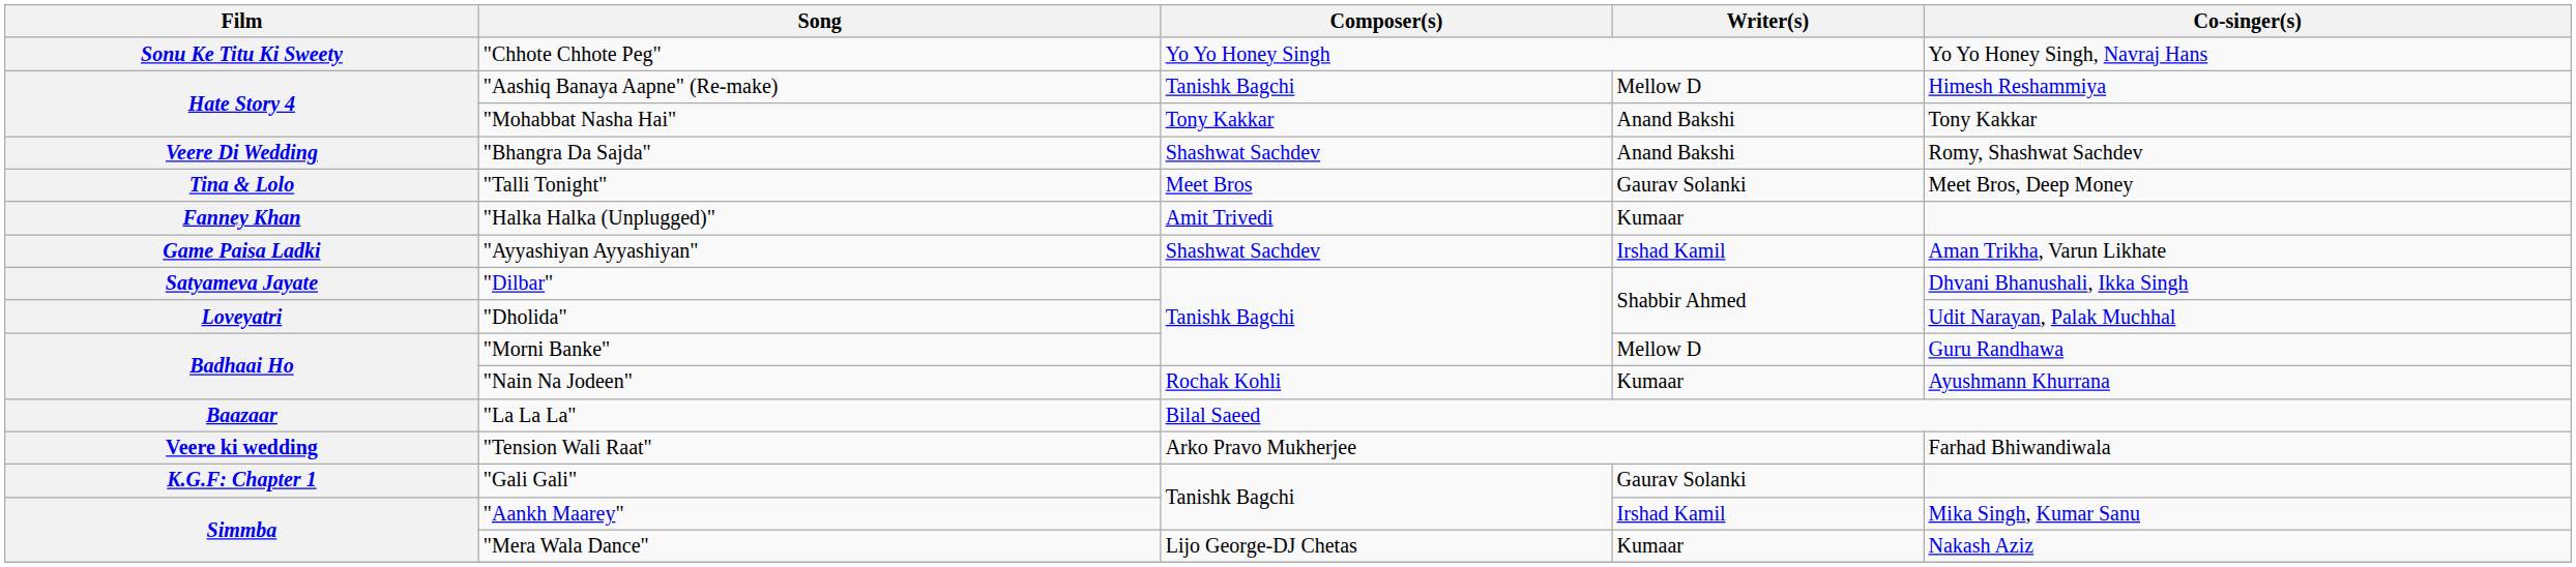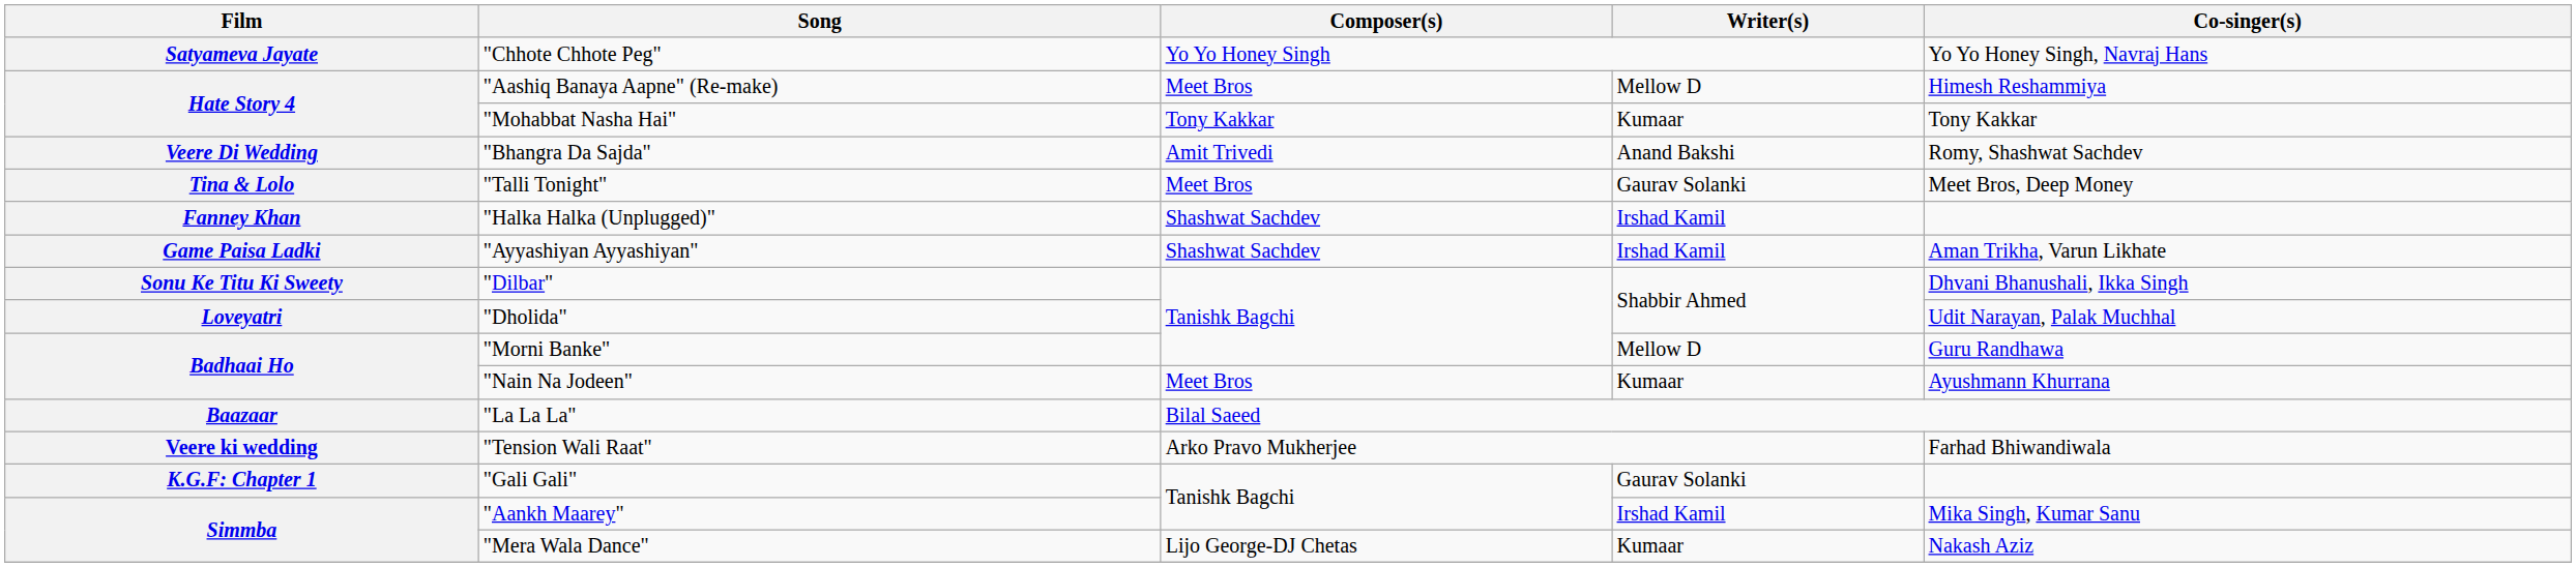 <table class="wikitable plainrowheaders" width="100%">
 <tr>
 <th>Film</th>
 <th>Song</th>
 <th>Composer(s)</th>
 <th>Writer(s)</th>
 <th>Co-singer(s)</th>
 </tr>
 <tr>
-<th scope=row><em><a href='#'>Sonu Ke Titu Ki Sweety</a></em></th>
+<th scope=row><em><a href='#'>Satyameva Jayate</a></em></th>
 <td>"Chhote Chhote Peg"</td>
 <td colspan=2><a href='#'>Yo Yo Honey Singh</a></td>
 <td>Yo Yo Honey Singh, <a href='#'>Navraj Hans</a></td>
 </tr>
 <tr>
 <th scope=row rowspan=2><em><a href='#'>Hate Story 4</a></em></th>
 <td>"Aashiq Banaya Aapne" (Re-make)</td>
-<td><a href='#'>Tanishk Bagchi</a></td>
+<td><a href='#'>Meet Bros</a></td>
 <td>Mellow D</td>
 <td><a href='#'>Himesh Reshammiya</a></td>
 </tr>
 <tr>
 <td>"Mohabbat Nasha Hai"</td>
 <td><a href='#'>Tony Kakkar</a></td>
-<td>Anand Bakshi</td>
+<td>Kumaar</td>
 <td>Tony Kakkar</td>
 </tr>
 <tr>
 <th scope="row"><em><a href='#'>Veere Di Wedding</a></em></th>
 <td>"Bhangra Da Sajda"</td>
-<td><a href='#'>Shashwat Sachdev</a></td>
+<td><a href='#'>Amit Trivedi</a></td>
 <td>Anand Bakshi</td>
 <td>Romy, Shashwat Sachdev</td>
 </tr>
 <tr>
 <th scope=row><em><a href='#'>Tina & Lolo</a></em></th>
 <td>"Talli Tonight"</td>
 <td><a href='#'>Meet Bros</a></td>
 <td>Gaurav Solanki</td>
 <td>Meet Bros, Deep Money</td>
 </tr>
 <tr>
 <th scope=row><em><a href='#'>Fanney Khan</a></em></th>
 <td>"Halka Halka (Unplugged)"</td>
-<td><a href='#'>Amit Trivedi</a></td>
-<td>Kumaar</td>
+<td><a href='#'>Shashwat Sachdev</a></td>
+<td><a href='#'>Irshad Kamil</a></td>
 <td></td>
 </tr>
 <tr>
 <th scope=row><em><a href='#'>Game Paisa Ladki</a></em></th>
 <td>"Ayyashiyan Ayyashiyan"</td>
 <td><a href='#'>Shashwat Sachdev</a></td>
 <td><a href='#'>Irshad Kamil</a></td>
 <td><a href='#'>Aman Trikha</a>, Varun Likhate</td>
 </tr>
 <tr>
-<th scope=row><em><a href='#'>Satyameva Jayate</a></em></th>
+<th scope=row><em><a href='#'>Sonu Ke Titu Ki Sweety</a></em></th>
 <td>"<a href='#'>Dilbar</a>"</td>
 <td rowspan=3><a href='#'>Tanishk Bagchi</a></td>
 <td rowspan=2>Shabbir Ahmed</td>
 <td><a href='#'>Dhvani Bhanushali</a>, <a href='#'>Ikka Singh</a></td>
 </tr>
 <tr>
 <th scope=row><em><a href='#'>Loveyatri</a></em></th>
 <td>"Dholida"</td>
 <td><a href='#'>Udit Narayan</a>, <a href='#'>Palak Muchhal</a></td>
 </tr>
 <tr>
 <th scope=row rowspan=2><em><a href='#'>Badhaai Ho</a></em></th>
 <td>"Morni Banke"</td>
 <td>Mellow D</td>
 <td><a href='#'>Guru Randhawa</a></td>
 </tr>
 <tr>
 <td>"Nain Na Jodeen"</td>
-<td><a href='#'>Rochak Kohli</a></td>
+<td><a href='#'>Meet Bros</a></td>
 <td>Kumaar</td>
 <td><a href='#'>Ayushmann Khurrana</a></td>
 </tr>
 <tr>
 <th scope=row><em><a href='#'>Baazaar</a></em></th>
 <td>"La La La"</td>
 <td colspan=3><a href='#'>Bilal Saeed</a></td>
 </tr>
 <tr>
 <th><a href='#'>Veere ki wedding</a></th>
 <td>"Tension Wali Raat"</td>
 <td colspan=2>Arko Pravo Mukherjee</td>
 <td>Farhad Bhiwandiwala</td>
 </tr>
 <tr>
 <th scope=row><em><a href='#'>K.G.F: Chapter 1</a></em></th>
 <td>"Gali Gali"</td>
 <td rowspan=2>Tanishk Bagchi</td>
 <td>Gaurav Solanki</td>
 <td></td>
 </tr>
 <tr>
 <th scope=row rowspan=2><em><a href='#'>Simmba</a></em></th>
 <td>"<a href='#'>Aankh Maarey</a>"</td>
 <td><a href='#'>Irshad Kamil</a></td>
 <td><a href='#'>Mika Singh</a>, <a href='#'>Kumar Sanu</a></td>
 </tr>
 <tr>
 <td>"Mera Wala Dance"</td>
 <td>Lijo George-DJ Chetas</td>
 <td>Kumaar</td>
 <td><a href='#'>Nakash Aziz</a></td>
 </tr>
 <tr>
 </tr>
 </table>
